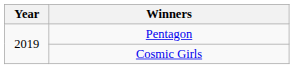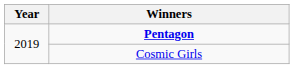 <table class="wikitable" style="text-align: center">
 <tr>
 <th width="50">Year</th>
 <th width="300">Winners</th>
 </tr>
 <tr>
 <td rowspan=2>2019</td>
-<td><a href='#'>Pentagon</a></td>
+<td><strong><a href='#'>Pentagon</a></strong></td>
 </tr>
 <tr>
 <td><a href='#'>Cosmic Girls</a></td>
 </tr>
 </table>
